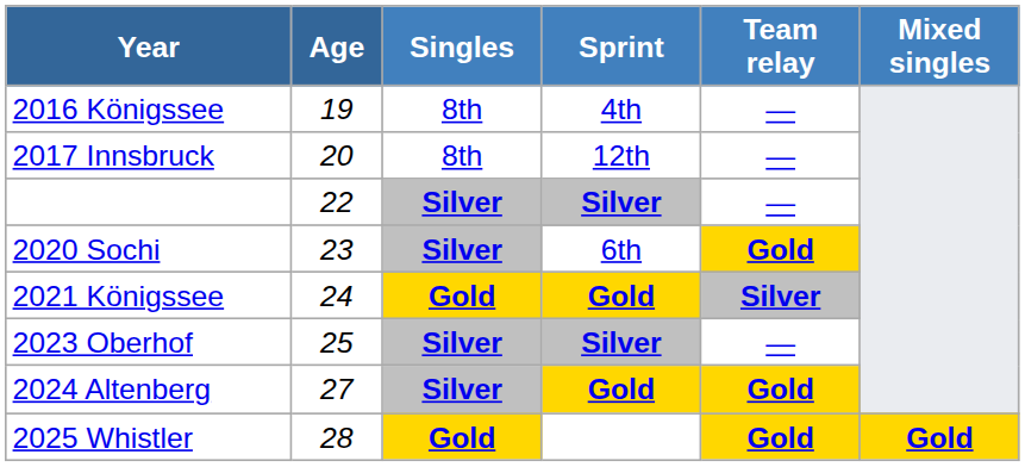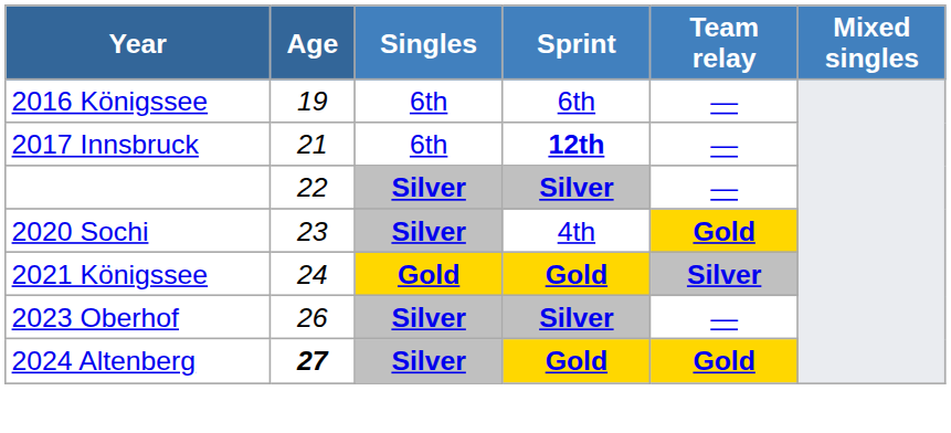 <table class="wikitable" style="font-size:95%; text-align:center; border:grey solid 1px; border-collapse:collapse; background:#ffffff;">
 <tr>
 <th style="background-color:#369; color:white; width:140px;">Year</th>
 <th style="background-color:#369; color:white; width:40px;">Age</th>
 <th style="background-color:#4180be; color:white; width:75px;">Singles</th>
 <th style="background-color:#4180be; color:white; width:75px;">Sprint</th>
 <th style="background-color:#4180be; color:white; width:75px;">Team relay</th>
 <th style="background-color:#4180be; color:white; width:75px;">Mixed singles</th>
 </tr>
 <tr>
 <td align=left> <a href='#'>2016 Königssee</a></td>
 <td><em>19</em></td>
-<td><a href='#'>8th</a></td>
-<td><a href='#'>4th</a></td>
+<td><a href='#'>6th</a></td>
+<td><a href='#'>6th</a></td>
 <td><a href='#'>—</a></td>
 <td rowspan="7" style="background:#EAECF0"></td>
 </tr>
 <tr>
 <td align=left> <a href='#'>2017 Innsbruck</a></td>
-<td><em>20</em></td>
-<td><a href='#'>8th</a></td>
-<td><a href='#'>12th</a></td>
+<td><em>21</em></td>
+<td><a href='#'>6th</a></td>
+<td><strong><a href='#'>12th</a></strong></td>
 <td><a href='#'>—</a></td>
 </tr>
 <tr>
 <td align=left> </td>
 <td><em>22</em></td>
 <td style="background:silver;"><a href='#'><strong>Silver</strong></a></td>
 <td style="background:silver;"><a href='#'><strong>Silver</strong></a></td>
 <td><a href='#'>—</a></td>
 </tr>
 <tr>
 <td align=left> <a href='#'>2020 Sochi</a></td>
 <td><em>23</em></td>
 <td style="background:silver;"><a href='#'><strong>Silver</strong></a></td>
-<td><a href='#'>6th</a></td>
+<td><a href='#'>4th</a></td>
 <td style="background:gold;"><a href='#'><strong>Gold</strong></a></td>
 </tr>
 <tr>
 <td align=left> <a href='#'>2021 Königssee</a></td>
 <td><em>24</em></td>
 <td style="background:gold"><a href='#'><strong>Gold</strong></a></td>
 <td style="background:gold;"><a href='#'><strong>Gold</strong></a></td>
 <td style="background:silver;"><a href='#'><strong>Silver</strong></a></td>
 </tr>
 <tr>
 <td align=left> <a href='#'>2023 Oberhof</a></td>
-<td><em>25</em></td>
+<td><em>26</em></td>
 <td style="background:silver"><a href='#'><strong>Silver</strong></a></td>
 <td style="background:silver;"><a href='#'><strong>Silver</strong></a></td>
 <td><a href='#'>—</a></td>
 </tr>
 <tr>
 <td align=left> <a href='#'>2024 Altenberg</a></td>
-<td><em>27</em></td>
+<td><strong><em>27</em></strong></td>
 <td style="background:silver"><a href='#'><strong>Silver</strong></a></td>
 <td style="background:gold"><a href='#'><strong>Gold</strong></a></td>
 <td style="background:gold;"><a href='#'><strong>Gold</strong></a></td>
 </tr>
-<tr>
-<td style="text-align:left"> <a href='#'>2025 Whistler</a></td>
-<td><em>28</em></td>
-<td style="background:gold"><a href='#'><strong>Gold</strong></a></td>
-<td></td>
-<td style="background:gold"><a href='#'><strong>Gold</strong></a></td>
-<td style="background:gold"><a href='#'><strong>Gold</strong></a></td>
-</tr>
 </table>
